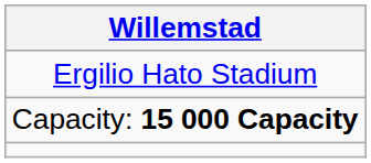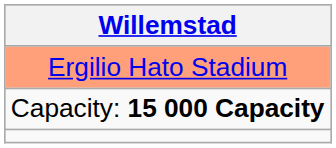 <table class="wikitable" style="text-align:center">
 <tr>
 <th><a href='#'>Willemstad</a></th>
 </tr>
 <tr>
-<td><a href='#'>Ergilio Hato Stadium</a></td>
+<td style="background: lightsalmon;"><a href='#'>Ergilio Hato Stadium</a></td>
 </tr>
 <tr>
 <td>Capacity: <strong>15 000 Capacity</strong></td>
 </tr>
 <tr>
 <td></td>
 </tr>
 </table>
